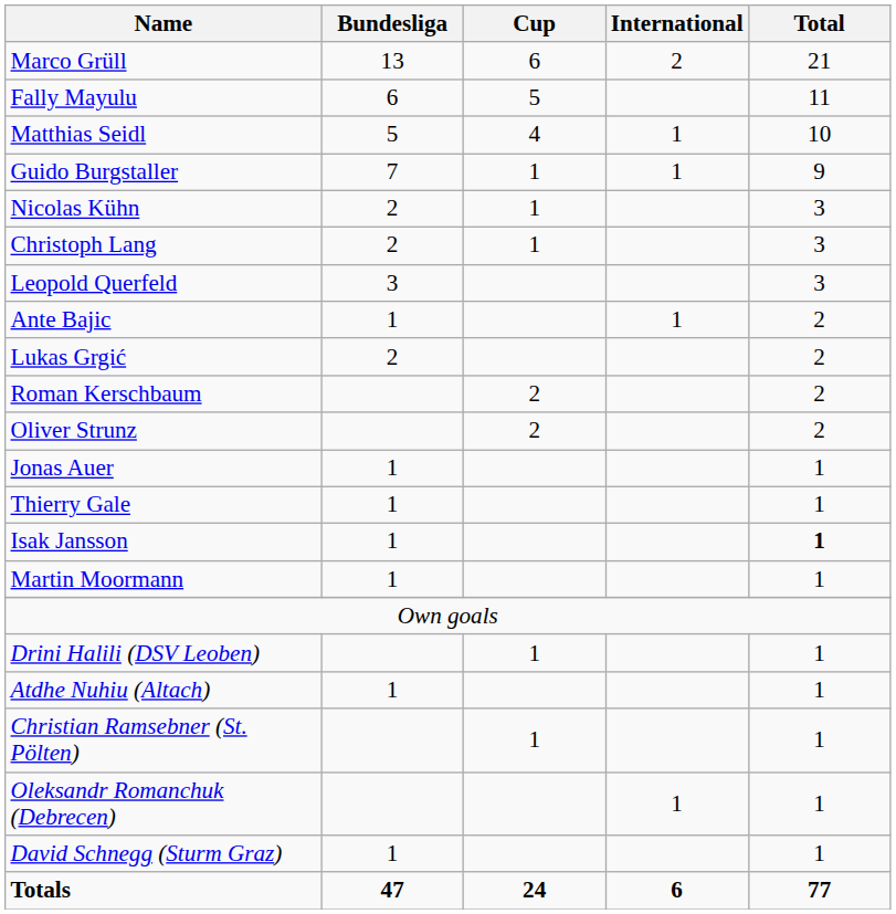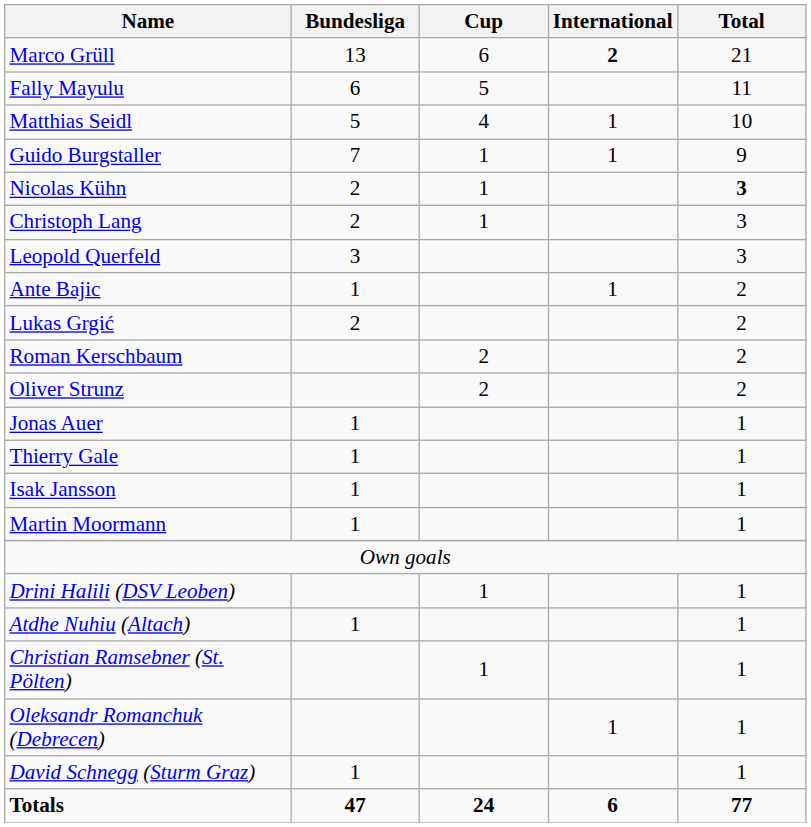 <table class="wikitable sortable" style="text-align: center;">
 <tr>
 <th class="unsortable">Name</th>
 <th width=90>Bundesliga</th>
 <th width=90>Cup</th>
 <th width=90>International</th>
 <th width=90>Total</th>
 </tr>
 <tr>
 <td align="left"> <a href='#'>Marco Grüll</a></td>
 <td>13</td>
 <td>6</td>
-<td>2</td>
+<td><strong>2</strong></td>
 <td>21</td>
 </tr>
 <tr>
 <td align="left"> <a href='#'>Fally Mayulu</a></td>
 <td>6</td>
 <td>5</td>
 <td></td>
 <td>11</td>
 </tr>
 <tr>
 <td align="left"> <a href='#'>Matthias Seidl</a></td>
 <td>5</td>
 <td>4</td>
 <td>1</td>
 <td>10</td>
 </tr>
 <tr>
 <td align="left"> <a href='#'>Guido Burgstaller</a></td>
 <td>7</td>
 <td>1</td>
 <td>1</td>
 <td>9</td>
 </tr>
 <tr>
 <td align="left"> <a href='#'>Nicolas Kühn</a></td>
 <td>2</td>
 <td>1</td>
 <td></td>
-<td>3</td>
+<td><strong>3</strong></td>
 </tr>
 <tr>
 <td align="left"> <a href='#'>Christoph Lang</a></td>
 <td>2</td>
 <td>1</td>
 <td></td>
 <td>3</td>
 </tr>
 <tr>
 <td align="left"> <a href='#'>Leopold Querfeld</a></td>
 <td>3</td>
 <td></td>
 <td></td>
 <td>3</td>
 </tr>
 <tr>
 <td align="left"> <a href='#'>Ante Bajic</a></td>
 <td>1</td>
 <td></td>
 <td>1</td>
 <td>2</td>
 </tr>
 <tr>
 <td align="left"> <a href='#'>Lukas Grgić</a></td>
 <td>2</td>
 <td></td>
 <td></td>
 <td>2</td>
 </tr>
 <tr>
 <td align="left"> <a href='#'>Roman Kerschbaum</a></td>
 <td></td>
 <td>2</td>
 <td></td>
 <td>2</td>
 </tr>
 <tr>
 <td align="left"> <a href='#'>Oliver Strunz</a></td>
 <td></td>
 <td>2</td>
 <td></td>
 <td>2</td>
 </tr>
 <tr>
 <td align="left"> <a href='#'>Jonas Auer</a></td>
 <td>1</td>
 <td></td>
 <td></td>
 <td>1</td>
 </tr>
 <tr>
 <td align="left"> <a href='#'>Thierry Gale</a></td>
 <td>1</td>
 <td></td>
 <td></td>
 <td>1</td>
 </tr>
 <tr>
 <td align="left"> <a href='#'>Isak Jansson</a></td>
 <td>1</td>
 <td></td>
 <td></td>
-<td><strong>1</strong></td>
+<td>1</td>
 </tr>
 <tr>
 <td align="left"> <a href='#'>Martin Moormann</a></td>
 <td>1</td>
 <td></td>
 <td></td>
 <td>1</td>
 </tr>
 <tr>
 </tr>
 <tr class="sortbottom">
 <td colspan="5"><em>Own goals</em></td>
 </tr>
 <tr>
 <td align="left">  <em><a href='#'>Drini Halili</a> (<a href='#'>DSV Leoben</a>)</em></td>
 <td></td>
 <td>1</td>
 <td></td>
 <td>1</td>
 </tr>
 <tr>
 <td align="left">  <em><a href='#'>Atdhe Nuhiu</a> (<a href='#'>Altach</a>)</em></td>
 <td>1</td>
 <td></td>
 <td></td>
 <td>1</td>
 </tr>
 <tr>
 <td align="left">  <em><a href='#'>Christian Ramsebner</a> (<a href='#'>St. Pölten</a>)</em></td>
 <td></td>
 <td>1</td>
 <td></td>
 <td>1</td>
 </tr>
 <tr>
 <td align="left">  <em><a href='#'>Oleksandr Romanchuk</a> (<a href='#'>Debrecen</a>)</em></td>
 <td></td>
 <td></td>
 <td>1</td>
 <td>1</td>
 </tr>
 <tr>
 <td align="left">  <em><a href='#'>David Schnegg</a> (<a href='#'>Sturm Graz</a>)</em></td>
 <td>1</td>
 <td></td>
 <td></td>
 <td>1</td>
 </tr>
 <tr class="sortbottom">
 <td align="left"><strong>Totals</strong></td>
 <td><strong>47</strong></td>
 <td><strong>24</strong></td>
 <td><strong> 6</strong></td>
 <td><strong>77</strong></td>
 </tr>
 </table>
